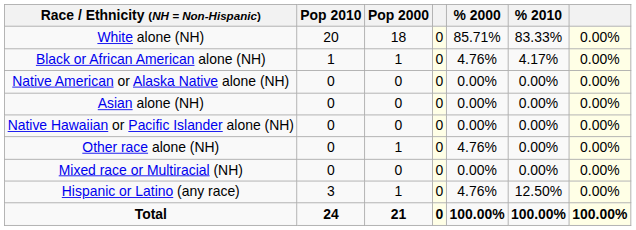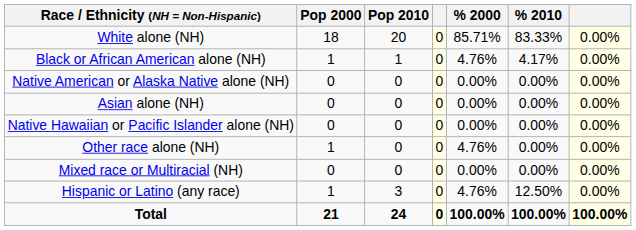 <table class="wikitable" style="text-align:center;">
 <tr>
 <th>Race / Ethnicity <small>(<em>NH = Non-Hispanic</em>)</small></th>
+<th>Pop 2000</th>
 <th>Pop 2010</th>
-<th>Pop 2000</th>
 <th></th>
 <th>% 2000</th>
 <th>% 2010</th>
 <th></th>
 </tr>
 <tr>
 <td><a href='#'>White</a> alone (NH)</td>
+<td>18</td>
 <td>20</td>
-<td>18</td>
 <td style='background: #ffffe6;'>0</td>
 <td>85.71%</td>
 <td>83.33%</td>
 <td style='background: #ffffe6;'>0.00%</td>
 </tr>
 <tr>
 <td><a href='#'>Black or African American</a> alone (NH)</td>
 <td>1</td>
 <td>1</td>
 <td style='background: #ffffe6;'>0</td>
 <td>4.76%</td>
 <td>4.17%</td>
 <td style='background: #ffffe6;'>0.00%</td>
 </tr>
 <tr>
 <td><a href='#'>Native American</a> or <a href='#'>Alaska Native</a> alone (NH)</td>
 <td>0</td>
 <td>0</td>
 <td style='background: #ffffe6;'>0</td>
 <td>0.00%</td>
 <td>0.00%</td>
 <td style='background: #ffffe6;'>0.00%</td>
 </tr>
 <tr>
 <td><a href='#'>Asian</a> alone (NH)</td>
 <td>0</td>
 <td>0</td>
 <td style='background: #ffffe6;'>0</td>
 <td>0.00%</td>
 <td>0.00%</td>
 <td style='background: #ffffe6;'>0.00%</td>
 </tr>
 <tr>
 <td><a href='#'>Native Hawaiian</a> or <a href='#'>Pacific Islander</a> alone (NH)</td>
 <td>0</td>
 <td>0</td>
 <td style='background: #ffffe6;'>0</td>
 <td>0.00%</td>
 <td>0.00%</td>
 <td style='background: #ffffe6;'>0.00%</td>
 </tr>
 <tr>
 <td><a href='#'>Other race</a> alone (NH)</td>
+<td>1</td>
 <td>0</td>
-<td>1</td>
 <td style='background: #ffffe6;'>0</td>
 <td>4.76%</td>
 <td>0.00%</td>
 <td style='background: #ffffe6;'>0.00%</td>
 </tr>
 <tr>
 <td><a href='#'>Mixed race or Multiracial</a> (NH)</td>
 <td>0</td>
 <td>0</td>
 <td style='background: #ffffe6;'>0</td>
 <td>0.00%</td>
 <td>0.00%</td>
 <td style='background: #ffffe6;'>0.00%</td>
 </tr>
 <tr>
 <td><a href='#'>Hispanic or Latino</a> (any race)</td>
+<td>1</td>
 <td>3</td>
-<td>1</td>
 <td style='background: #ffffe6;'>0</td>
 <td>4.76%</td>
 <td>12.50%</td>
 <td style='background: #ffffe6;'>0.00%</td>
 </tr>
 <tr>
 <td><strong>Total</strong></td>
+<td><strong>21</strong></td>
 <td><strong>24</strong></td>
-<td><strong>21</strong></td>
 <td style='background: #ffffe6;'><strong>0</strong></td>
 <td><strong>100.00%</strong></td>
 <td><strong>100.00%</strong></td>
 <td style='background: #ffffe6;'><strong>100.00%</strong></td>
 </tr>
 </table>
